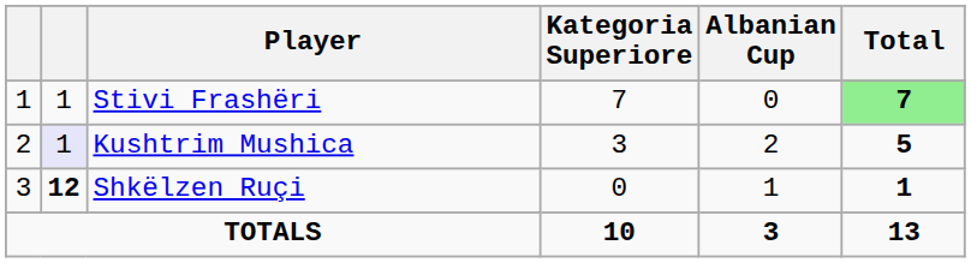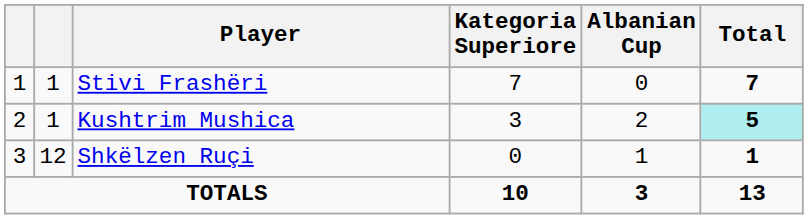 <table class="wikitable sortable" style="font-size: 95%; text-align: center;">
 <tr>
 <th width=10></th>
 <th width=10></th>
 <th width=200>Player</th>
 <th width=50>Kategoria Superiore</th>
 <th width=50>Albanian Cup</th>
 <th width=50>Total</th>
 </tr>
 <tr>
 <td>1</td>
 <td>1</td>
 <td align=left> <a href='#'>Stivi Frashëri</a></td>
 <td>7</td>
 <td>0</td>
-<td style="background: lightgreen;"><strong>7</strong></td>
+<td><strong>7</strong></td>
 </tr>
 <tr>
 <td>2</td>
-<td style="background: lavender;">1</td>
+<td>1</td>
 <td align=left> <a href='#'>Kushtrim Mushica</a></td>
 <td>3</td>
 <td>2</td>
-<td><strong>5</strong></td>
+<td style="background: paleturquoise;"><strong>5</strong></td>
 </tr>
 <tr>
 <td>3</td>
-<td><strong>12</strong></td>
+<td>12</td>
 <td align=left> <a href='#'>Shkëlzen Ruçi</a></td>
 <td>0</td>
 <td>1</td>
 <td><strong>1</strong></td>
 </tr>
 <tr>
 <td colspan=3><strong>TOTALS</strong></td>
 <td><strong>10</strong></td>
 <td><strong>3</strong></td>
 <td><strong>13</strong></td>
 </tr>
 </table>
